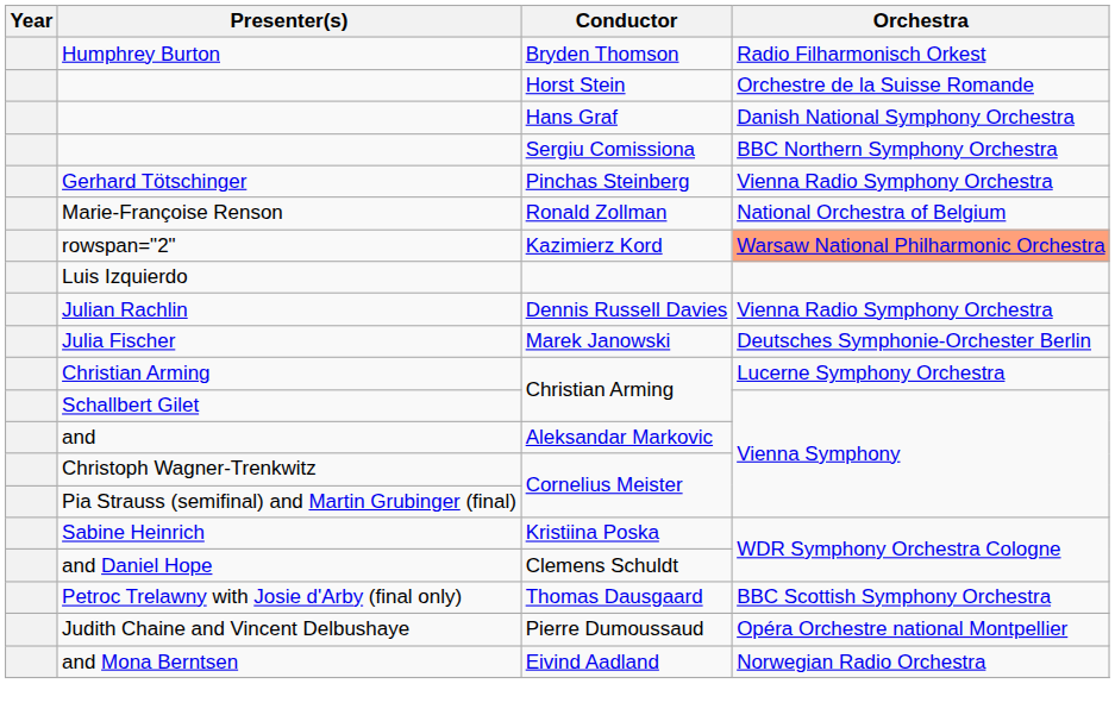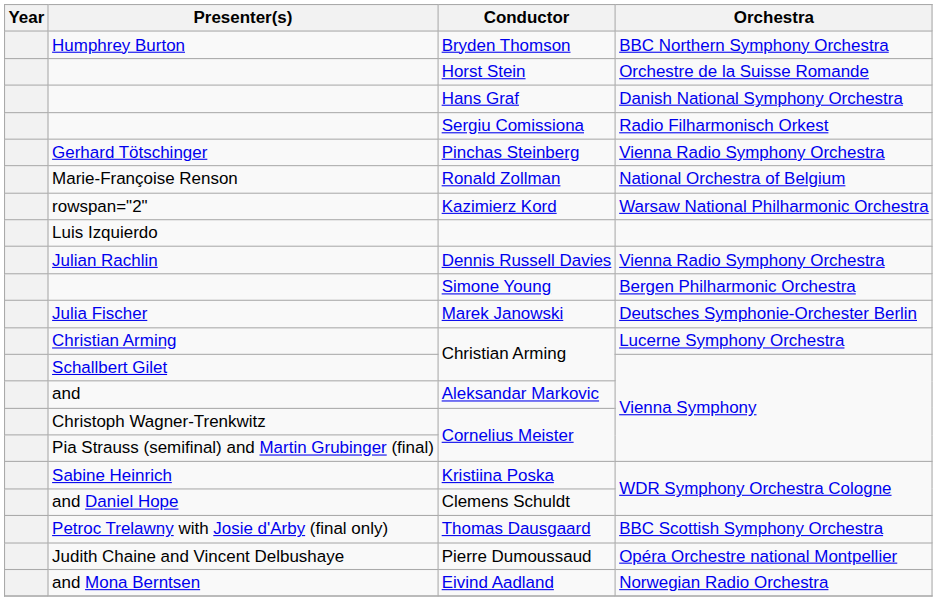 <table class="wikitable plainrowheaders sortable">
 <tr>
 <th>Year</th>
 <th>Presenter(s)</th>
 <th>Conductor</th>
 <th>Orchestra</th>
 </tr>
 <tr>
 <th scope="row" style="text-align:center;"></th>
 <td><a href='#'>Humphrey Burton</a></td>
 <td><a href='#'>Bryden Thomson</a></td>
-<td><a href='#'>Radio Filharmonisch Orkest</a></td>
+<td><a href='#'>BBC Northern Symphony Orchestra</a></td>
 </tr>
 <tr>
 <th scope="row" style="text-align:center;"></th>
 <td></td>
 <td><a href='#'>Horst Stein</a></td>
 <td><a href='#'>Orchestre de la Suisse Romande</a></td>
 </tr>
 <tr>
 <th scope="row" style="text-align:center;"></th>
 <td></td>
 <td><a href='#'>Hans Graf</a></td>
 <td><a href='#'>Danish National Symphony Orchestra</a></td>
 </tr>
 <tr>
 <th scope="row" style="text-align:center;"></th>
 <td></td>
 <td><a href='#'>Sergiu Comissiona</a></td>
-<td><a href='#'>BBC Northern Symphony Orchestra</a></td>
+<td><a href='#'>Radio Filharmonisch Orkest</a></td>
 </tr>
 <tr>
 <th scope="row" style="text-align:center;"></th>
 <td><a href='#'>Gerhard Tötschinger</a></td>
 <td><a href='#'>Pinchas Steinberg</a></td>
 <td><a href='#'>Vienna Radio Symphony Orchestra</a></td>
 </tr>
 <tr>
 <th scope="row" style="text-align:center;"></th>
 <td>Marie-Françoise Renson</td>
 <td><a href='#'>Ronald Zollman</a></td>
 <td><a href='#'>National Orchestra of Belgium</a></td>
 </tr>
 <tr>
 <th scope="row" style="text-align:center;"></th>
 <td>rowspan="2" </td>
 <td><a href='#'>Kazimierz Kord</a></td>
-<td style="background: lightsalmon;"><a href='#'>Warsaw National Philharmonic Orchestra</a></td>
+<td><a href='#'>Warsaw National Philharmonic Orchestra</a></td>
 </tr>
 <tr>
 <th scope="row" style="text-align:center;"></th>
 <td>Luis Izquierdo</td>
 <td></td>
 </tr>
 <tr>
 <th scope="row" style="text-align:center;"></th>
 <td><a href='#'>Julian Rachlin</a></td>
 <td><a href='#'>Dennis Russell Davies</a></td>
 <td><a href='#'>Vienna Radio Symphony Orchestra</a></td>
+</tr>
+<tr>
+<th scope="row" style="text-align:center;"></th>
+<td></td>
+<td><a href='#'>Simone Young</a></td>
+<td><a href='#'>Bergen Philharmonic Orchestra</a></td>
 </tr>
 <tr>
 <th scope="row" style="text-align:center;"></th>
 <td><a href='#'>Julia Fischer</a></td>
 <td><a href='#'>Marek Janowski</a></td>
 <td><a href='#'>Deutsches Symphonie-Orchester Berlin</a></td>
 </tr>
 <tr>
 <th scope="row" style="text-align:center;"></th>
 <td><a href='#'>Christian Arming</a></td>
 <td rowspan="2">Christian Arming</td>
 <td><a href='#'>Lucerne Symphony Orchestra</a></td>
 </tr>
 <tr>
 <th scope="row" style="text-align:center;"></th>
 <td><a href='#'>Schallbert Gilet</a></td>
 <td rowspan="4"><a href='#'>Vienna Symphony</a></td>
 </tr>
 <tr>
 <th scope="row" style="text-align:center;"></th>
 <td> and </td>
 <td><a href='#'>Aleksandar Markovic</a></td>
 </tr>
 <tr>
 <th scope="row" style="text-align:center;"></th>
 <td>Christoph Wagner-Trenkwitz</td>
 <td rowspan="2"><a href='#'>Cornelius Meister</a></td>
 </tr>
 <tr>
 <th scope="row" style="text-align:center;"></th>
 <td>Pia Strauss (semifinal) and <a href='#'>Martin Grubinger</a> (final)</td>
 </tr>
 <tr>
 <th scope="row" style="text-align:center;"></th>
 <td><a href='#'>Sabine Heinrich</a></td>
 <td><a href='#'>Kristiina Poska</a></td>
 <td rowspan="2"><a href='#'>WDR Symphony Orchestra Cologne</a></td>
 </tr>
 <tr>
 <th scope="row" style="text-align:center;"></th>
 <td> and <a href='#'>Daniel Hope</a></td>
 <td>Clemens Schuldt</td>
 </tr>
 <tr>
 <th scope="row" style="text-align:center;"></th>
 <td><a href='#'>Petroc Trelawny</a> with <a href='#'>Josie d'Arby</a> (final only)</td>
 <td><a href='#'>Thomas Dausgaard</a></td>
 <td><a href='#'>BBC Scottish Symphony Orchestra</a></td>
 </tr>
 <tr>
 <th scope="row" style="text-align:center;"></th>
 <td>Judith Chaine and Vincent Delbushaye</td>
 <td>Pierre Dumoussaud</td>
 <td><a href='#'>Opéra Orchestre national Montpellier</a></td>
 </tr>
 <tr>
 <th scope="row" style="text-align:center;"></th>
 <td> and <a href='#'>Mona Berntsen</a></td>
 <td><a href='#'>Eivind Aadland</a></td>
 <td><a href='#'>Norwegian Radio Orchestra</a></td>
 </tr>
 <tr>
 </tr>
 </table>
